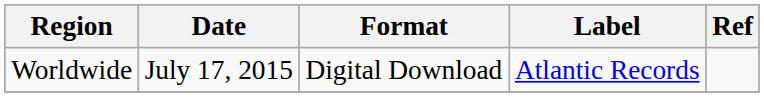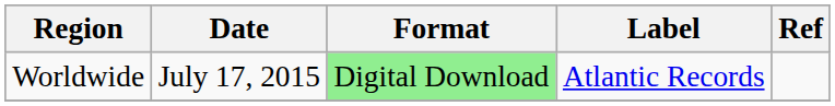 <table class="wikitable plainrowheaders">
 <tr>
 <th>Region</th>
 <th>Date</th>
 <th>Format</th>
 <th>Label</th>
 <th>Ref</th>
 </tr>
 <tr>
 <td>Worldwide</td>
 <td>July 17, 2015</td>
-<td>Digital Download</td>
+<td style="background: lightgreen;">Digital Download</td>
 <td><a href='#'>Atlantic Records</a></td>
 <td style="text-align:center;"></td>
 </tr>
 <tr>
 </tr>
 </table>
